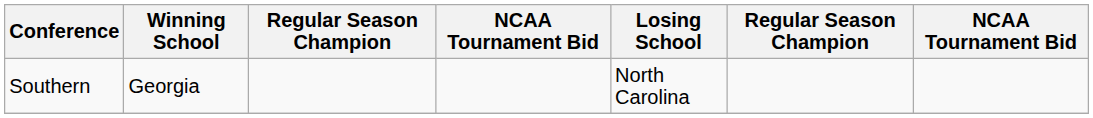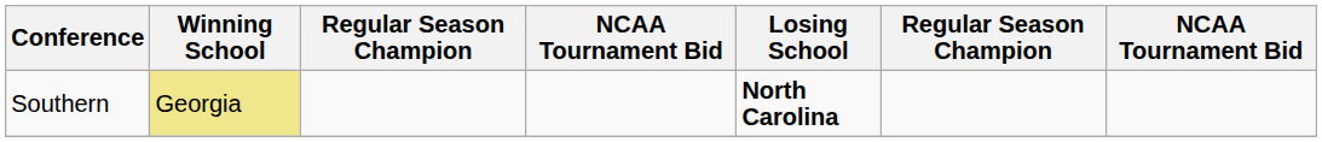 <table class="wikitable">
 <tr>
 <th>Conference</th>
 <th>Winning School</th>
 <th>Regular Season Champion</th>
 <th>NCAA Tournament Bid</th>
 <th>Losing School</th>
 <th>Regular Season Champion</th>
 <th>NCAA Tournament Bid</th>
 </tr>
 <tr>
 <td>Southern</td>
-<td>Georgia</td>
+<td style="background: khaki;">Georgia</td>
 <td></td>
 <td></td>
-<td>North Carolina</td>
+<td><strong>North Carolina</strong></td>
 <td></td>
 <td></td>
 </tr>
 <tr>
 </tr>
 </table>
